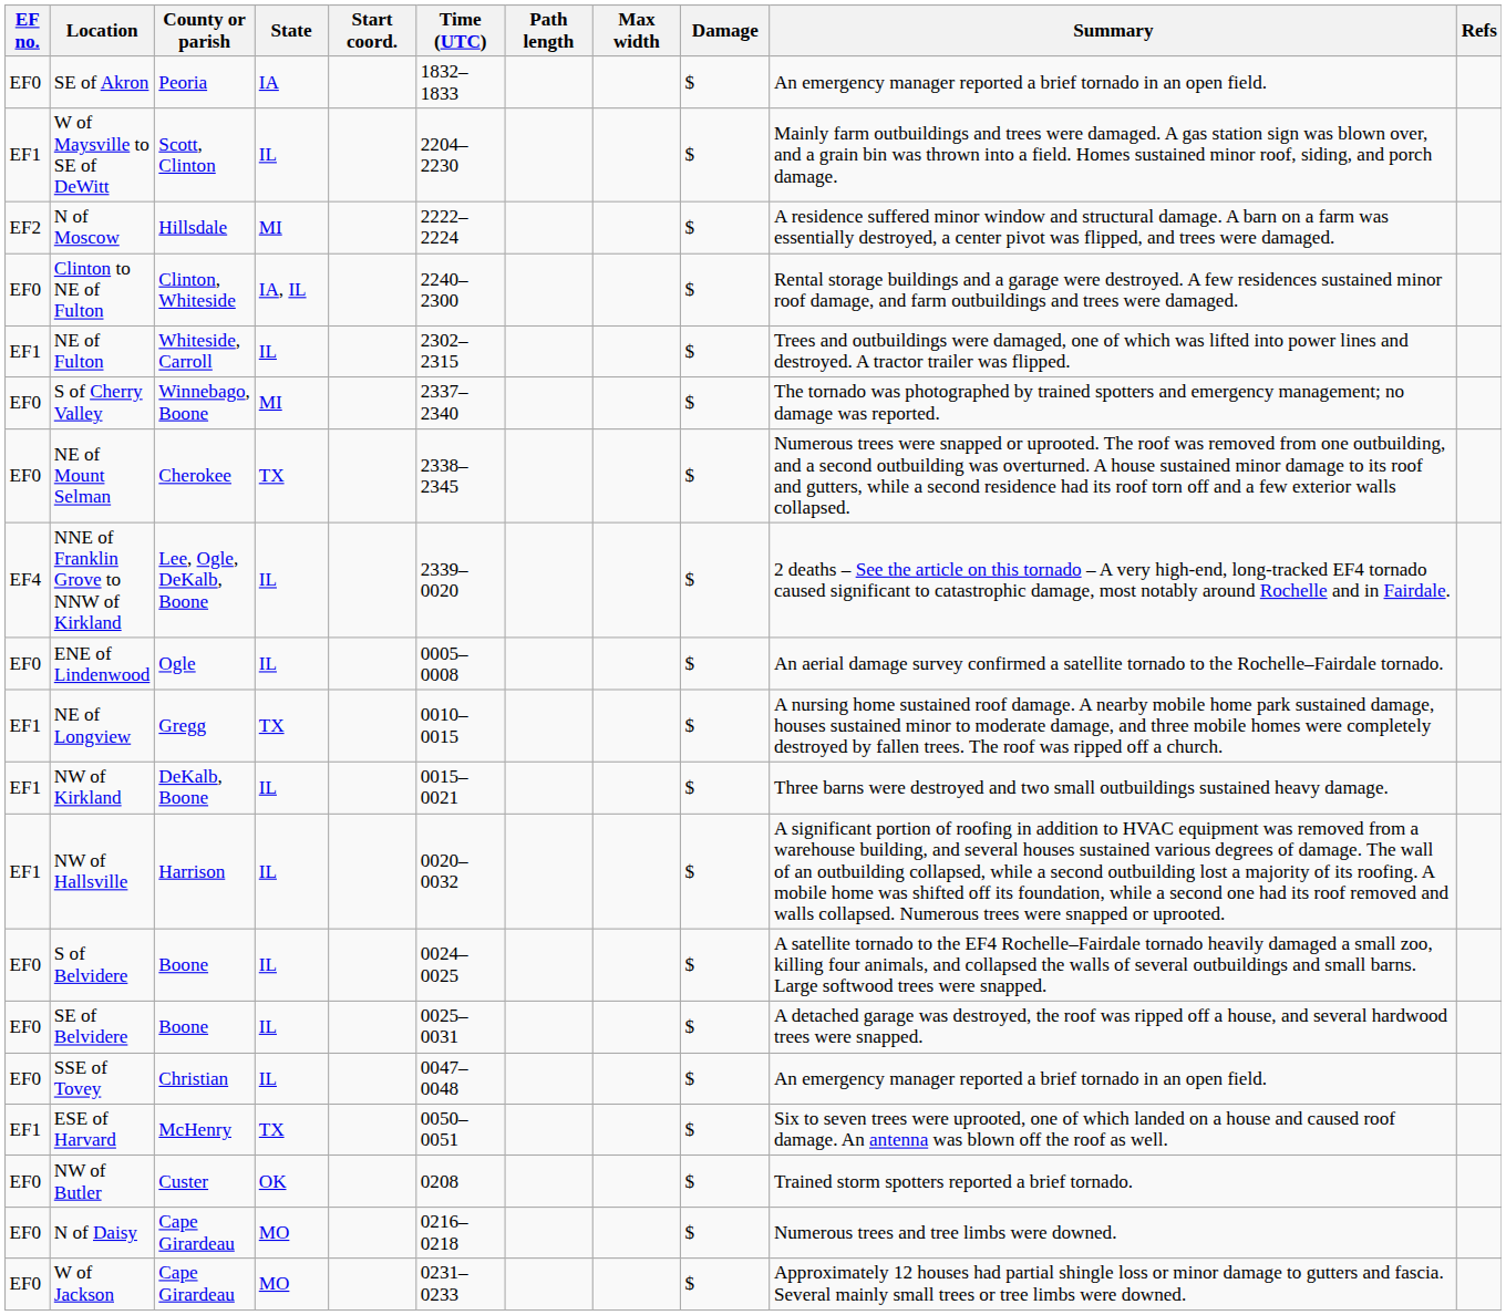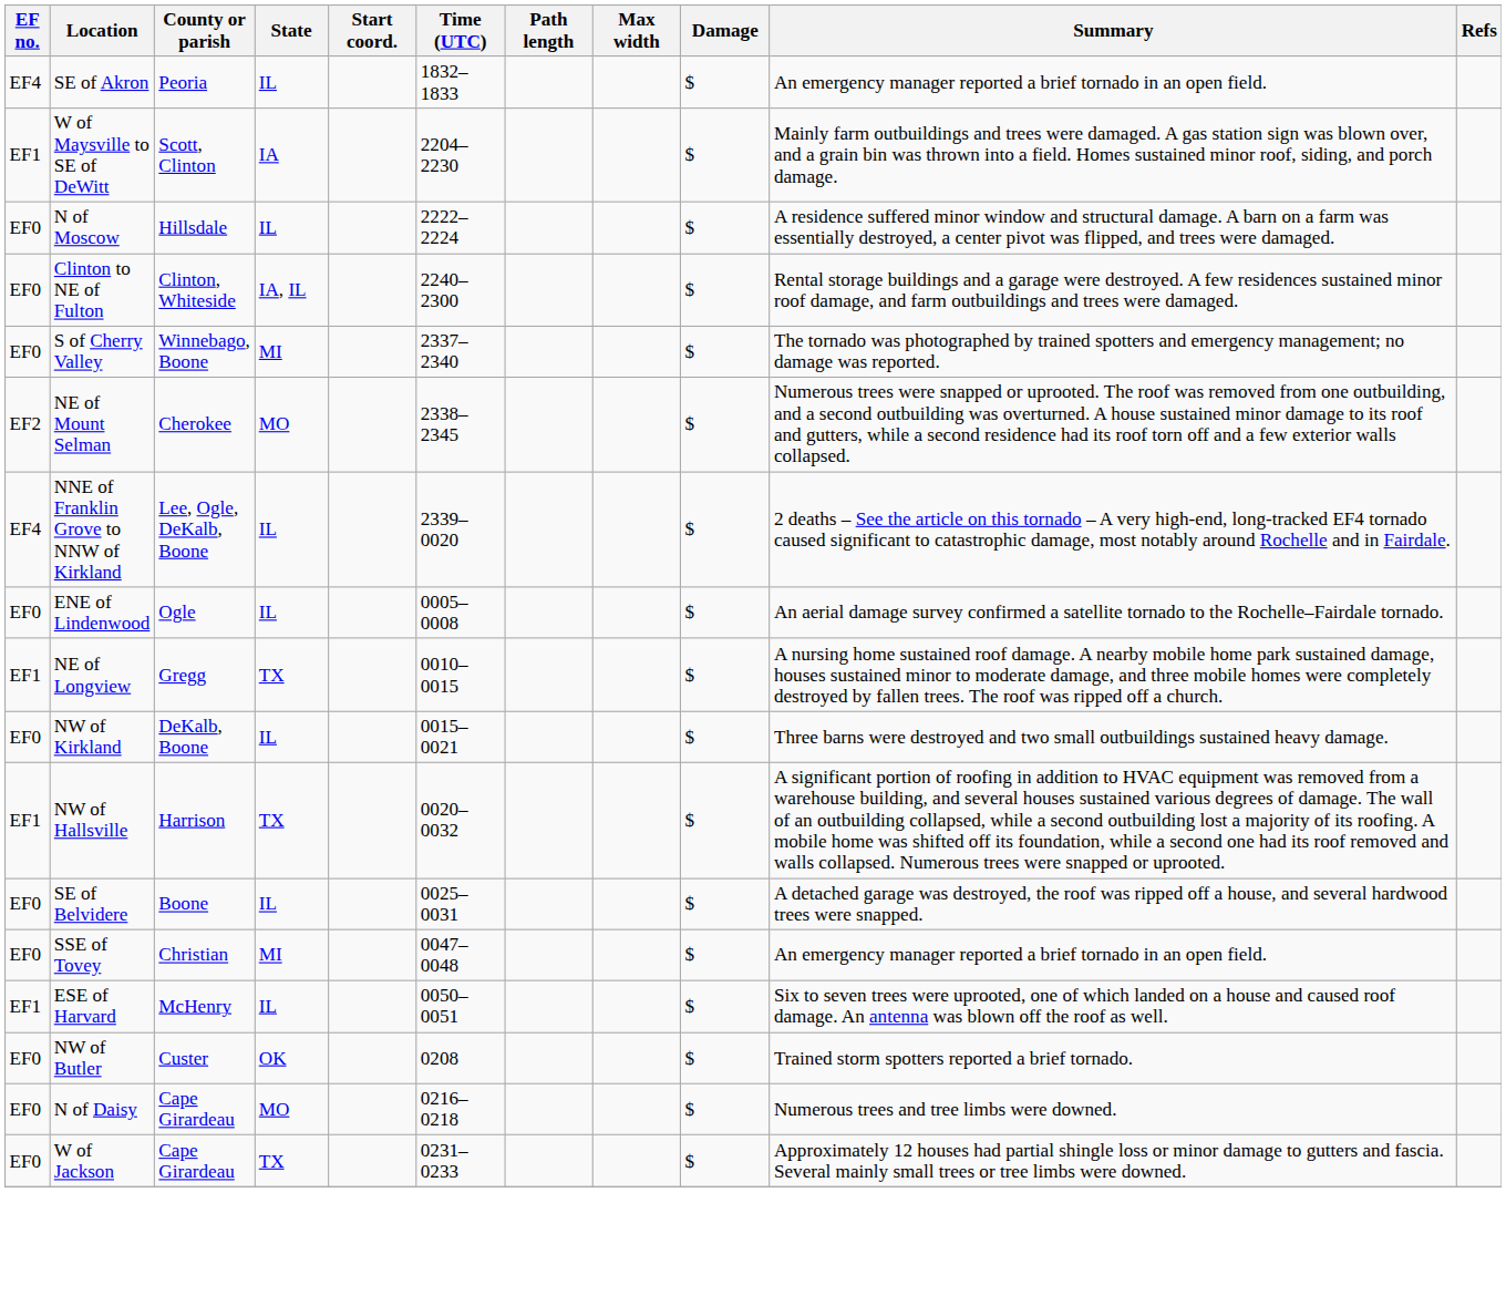 <table class="wikitable sortable" style="width:100%;">
 <tr>
 <th scope="col" width="3%" align="center"><a href='#'>EF no.</a></th>
 <th scope="col" width="7%" align="center" class="unsortable">Location</th>
 <th scope="col" width="6%" align="center" class="unsortable">County or parish</th>
 <th scope="col" width="5%" align="center">State</th>
 <th scope="col" width="6%" align="center">Start coord.</th>
 <th scope="col" width="6%" align="center">Time (<a href='#'>UTC</a>)</th>
 <th scope="col" width="6%" align="center">Path length</th>
 <th scope="col" width="6%" align="center">Max width</th>
 <th scope="col" width="6%" align="center">Damage</th>
 <th scope="col" width="48%" class="unsortable" align="center">Summary</th>
 <th scope="col" width="48%" class="unsortable" align="center">Refs</th>
 </tr>
 <tr>
-<td>EF0</td>
+<td>EF4</td>
 <td>SE of <a href='#'>Akron</a></td>
 <td><a href='#'>Peoria</a></td>
-<td><a href='#'>IA</a></td>
+<td><a href='#'>IL</a></td>
 <td></td>
 <td>1832–1833</td>
 <td></td>
 <td></td>
 <td>$</td>
 <td>An emergency manager reported a brief tornado in an open field.</td>
 <td></td>
 </tr>
 <tr>
 <td>EF1</td>
 <td>W of <a href='#'>Maysville</a> to SE of <a href='#'>DeWitt</a></td>
 <td><a href='#'>Scott</a>, <a href='#'>Clinton</a></td>
-<td><a href='#'>IL</a></td>
+<td><a href='#'>IA</a></td>
 <td></td>
 <td>2204–2230</td>
 <td></td>
 <td></td>
 <td>$</td>
 <td>Mainly farm outbuildings and trees were damaged. A gas station sign was blown over, and a grain bin was thrown into a field. Homes sustained minor roof, siding, and porch damage.</td>
 <td></td>
 </tr>
 <tr>
-<td>EF2</td>
+<td>EF0</td>
 <td>N of <a href='#'>Moscow</a></td>
 <td><a href='#'>Hillsdale</a></td>
-<td><a href='#'>MI</a></td>
+<td><a href='#'>IL</a></td>
 <td></td>
 <td>2222–2224</td>
 <td></td>
 <td></td>
 <td>$</td>
 <td>A residence suffered minor window and structural damage. A barn on a farm was essentially destroyed, a center pivot was flipped, and trees were damaged.</td>
 <td></td>
 </tr>
 <tr>
 <td>EF0</td>
 <td><a href='#'>Clinton</a> to NE of <a href='#'>Fulton</a></td>
 <td><a href='#'>Clinton</a>, <a href='#'>Whiteside</a></td>
 <td><a href='#'>IA</a>, <a href='#'>IL</a></td>
 <td></td>
 <td>2240–2300</td>
 <td></td>
 <td></td>
 <td>$</td>
 <td>Rental storage buildings and a garage were destroyed. A few residences sustained minor roof damage, and farm outbuildings and trees were damaged.</td>
 <td></td>
 </tr>
 <tr>
-<td>EF1</td>
-<td>NE of <a href='#'>Fulton</a></td>
-<td><a href='#'>Whiteside</a>, <a href='#'>Carroll</a></td>
-<td><a href='#'>IL</a></td>
-<td></td>
-<td>2302–2315</td>
-<td></td>
-<td></td>
-<td>$</td>
-<td>Trees and outbuildings were damaged, one of which was lifted into power lines and destroyed. A tractor trailer was flipped.</td>
-<td></td>
-</tr>
-<tr>
 <td>EF0</td>
 <td>S of <a href='#'>Cherry Valley</a></td>
 <td><a href='#'>Winnebago</a>, <a href='#'>Boone</a></td>
 <td><a href='#'>MI</a></td>
 <td></td>
 <td>2337–2340</td>
 <td></td>
 <td></td>
 <td>$</td>
 <td>The tornado was photographed by trained spotters and emergency management; no damage was reported.</td>
 <td></td>
 </tr>
 <tr>
-<td>EF0</td>
+<td>EF2</td>
 <td>NE of <a href='#'>Mount Selman</a></td>
 <td><a href='#'>Cherokee</a></td>
-<td><a href='#'>TX</a></td>
+<td><a href='#'>MO</a></td>
 <td></td>
 <td>2338–2345</td>
 <td></td>
 <td></td>
 <td>$</td>
 <td>Numerous trees were snapped or uprooted. The roof was removed from one outbuilding, and a second outbuilding was overturned. A house sustained minor damage to its roof and gutters, while a second residence had its roof torn off and a few exterior walls collapsed.</td>
 <td></td>
 </tr>
 <tr>
 <td>EF4</td>
 <td>NNE of <a href='#'>Franklin Grove</a> to NNW of <a href='#'>Kirkland</a></td>
 <td><a href='#'>Lee</a>, <a href='#'>Ogle</a>, <a href='#'>DeKalb</a>, <a href='#'>Boone</a></td>
 <td><a href='#'>IL</a></td>
 <td></td>
 <td>2339–0020</td>
 <td></td>
 <td></td>
 <td>$</td>
 <td>2 deaths – <a href='#'>See the article on this tornado</a> – A very high-end, long-tracked EF4 tornado caused significant to catastrophic damage, most notably around <a href='#'>Rochelle</a> and in <a href='#'>Fairdale</a>.</td>
 <td><br></td>
 </tr>
 <tr>
 <td>EF0</td>
 <td>ENE of <a href='#'>Lindenwood</a></td>
 <td><a href='#'>Ogle</a></td>
 <td><a href='#'>IL</a></td>
 <td></td>
 <td>0005–0008</td>
 <td></td>
 <td></td>
 <td>$</td>
 <td>An aerial damage survey confirmed a satellite tornado to the Rochelle–Fairdale tornado.</td>
 <td></td>
 </tr>
 <tr>
 <td>EF1</td>
 <td>NE of <a href='#'>Longview</a></td>
 <td><a href='#'>Gregg</a></td>
 <td><a href='#'>TX</a></td>
 <td></td>
 <td>0010–0015</td>
 <td></td>
 <td></td>
 <td>$</td>
 <td>A nursing home sustained roof damage. A nearby mobile home park sustained damage, houses sustained minor to moderate damage, and three mobile homes were completely destroyed by fallen trees. The roof was ripped off a church.</td>
 <td></td>
 </tr>
 <tr>
-<td>EF1</td>
+<td>EF0</td>
 <td>NW of <a href='#'>Kirkland</a></td>
 <td><a href='#'>DeKalb</a>, <a href='#'>Boone</a></td>
 <td><a href='#'>IL</a></td>
 <td></td>
 <td>0015–0021</td>
 <td></td>
 <td></td>
 <td>$</td>
 <td>Three barns were destroyed and two small outbuildings sustained heavy damage.</td>
 <td></td>
 </tr>
 <tr>
 <td>EF1</td>
 <td>NW of <a href='#'>Hallsville</a></td>
 <td><a href='#'>Harrison</a></td>
-<td><a href='#'>IL</a></td>
+<td><a href='#'>TX</a></td>
 <td></td>
 <td>0020–0032</td>
 <td></td>
 <td></td>
 <td>$</td>
 <td>A significant portion of roofing in addition to HVAC equipment was removed from a warehouse building, and several houses sustained various degrees of damage. The wall of an outbuilding collapsed, while a second outbuilding lost a majority of its roofing. A mobile home was shifted off its foundation, while a second one had its roof removed and walls collapsed. Numerous trees were snapped or uprooted.</td>
-<td></td>
-</tr>
-<tr>
-<td>EF0</td>
-<td>S of <a href='#'>Belvidere</a></td>
-<td><a href='#'>Boone</a></td>
-<td><a href='#'>IL</a></td>
-<td></td>
-<td>0024–0025</td>
-<td></td>
-<td></td>
-<td>$</td>
-<td>A satellite tornado to the EF4 Rochelle–Fairdale tornado heavily damaged a small zoo, killing four animals, and collapsed the walls of several outbuildings and small barns. Large softwood trees were snapped.</td>
 <td></td>
 </tr>
 <tr>
 <td>EF0</td>
 <td>SE of <a href='#'>Belvidere</a></td>
 <td><a href='#'>Boone</a></td>
 <td><a href='#'>IL</a></td>
 <td></td>
 <td>0025–0031</td>
 <td></td>
 <td></td>
 <td>$</td>
 <td>A detached garage was destroyed, the roof was ripped off a house, and several hardwood trees were snapped.</td>
 <td></td>
 </tr>
 <tr>
 <td>EF0</td>
 <td>SSE of <a href='#'>Tovey</a></td>
 <td><a href='#'>Christian</a></td>
-<td><a href='#'>IL</a></td>
+<td><a href='#'>MI</a></td>
 <td></td>
 <td>0047–0048</td>
 <td></td>
 <td></td>
 <td>$</td>
 <td>An emergency manager reported a brief tornado in an open field.</td>
 <td></td>
 </tr>
 <tr>
 <td>EF1</td>
 <td>ESE of <a href='#'>Harvard</a></td>
 <td><a href='#'>McHenry</a></td>
-<td><a href='#'>TX</a></td>
+<td><a href='#'>IL</a></td>
 <td></td>
 <td>0050–0051</td>
 <td></td>
 <td></td>
 <td>$</td>
 <td>Six to seven trees were uprooted, one of which landed on a house and caused roof damage. An <a href='#'>antenna</a> was blown off the roof as well.</td>
 <td></td>
 </tr>
 <tr>
 <td>EF0</td>
 <td>NW of <a href='#'>Butler</a></td>
 <td><a href='#'>Custer</a></td>
 <td><a href='#'>OK</a></td>
 <td></td>
 <td>0208</td>
 <td></td>
 <td></td>
 <td>$</td>
 <td>Trained storm spotters reported a brief tornado.</td>
 <td></td>
 </tr>
 <tr>
 <td>EF0</td>
 <td>N of <a href='#'>Daisy</a></td>
 <td><a href='#'>Cape Girardeau</a></td>
 <td><a href='#'>MO</a></td>
 <td></td>
 <td>0216–0218</td>
 <td></td>
 <td></td>
 <td>$</td>
 <td>Numerous trees and tree limbs were downed.</td>
 <td></td>
 </tr>
 <tr>
 <td>EF0</td>
 <td>W of <a href='#'>Jackson</a></td>
 <td><a href='#'>Cape Girardeau</a></td>
-<td><a href='#'>MO</a></td>
+<td><a href='#'>TX</a></td>
 <td></td>
 <td>0231–0233</td>
 <td></td>
 <td></td>
 <td>$</td>
 <td>Approximately 12 houses had partial shingle loss or minor damage to gutters and fascia. Several mainly small trees or tree limbs were downed.</td>
 <td></td>
 </tr>
 <tr>
 </tr>
 </table>
